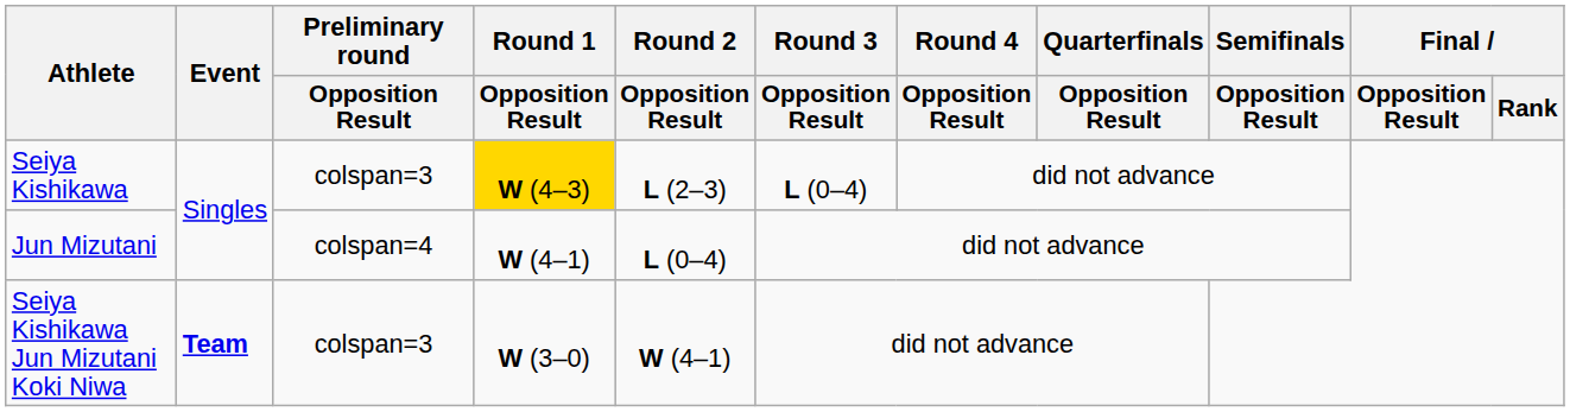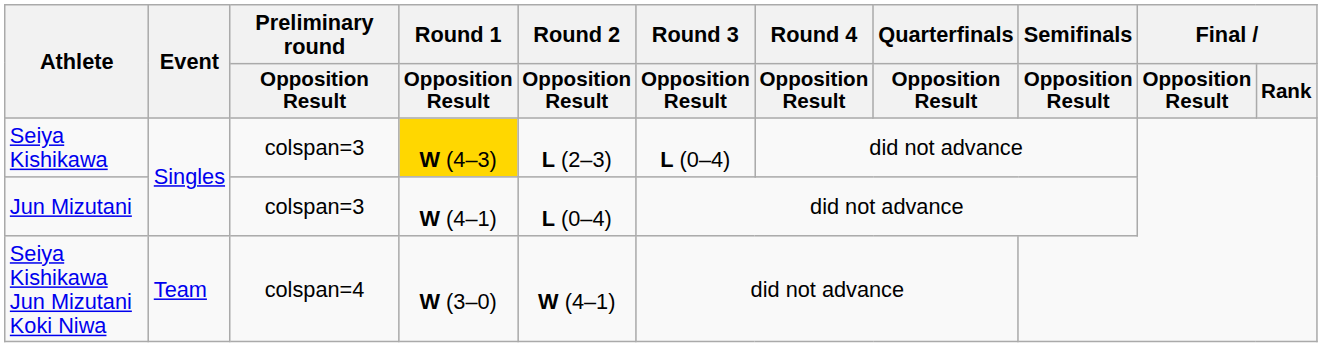 <table class="wikitable" style="font-size:90%">
 <tr>
 <th rowspan="2">Athlete</th>
 <th rowspan="2">Event</th>
 <th>Preliminary round</th>
 <th>Round 1</th>
 <th>Round 2</th>
 <th>Round 3</th>
 <th>Round 4</th>
 <th>Quarterfinals</th>
 <th>Semifinals</th>
 <th colspan=2>Final / </th>
 </tr>
 <tr style="font-size:95%">
 <th>Opposition<br>Result</th>
 <th>Opposition<br>Result</th>
 <th>Opposition<br>Result</th>
 <th>Opposition<br>Result</th>
 <th>Opposition<br>Result</th>
 <th>Opposition<br>Result</th>
 <th>Opposition<br>Result</th>
 <th>Opposition<br>Result</th>
 <th>Rank</th>
 </tr>
 <tr align=center>
 <td align=left><a href='#'>Seiya Kishikawa</a></td>
 <td align=left rowspan=2><a href='#'>Singles</a></td>
 <td>colspan=3 </td>
 <td style="background: gold;"><br><strong>W</strong> (4–3)</td>
 <td><br><strong>L</strong> (2–3)</td>
 <td><br><strong>L</strong> (0–4)</td>
 <td colspan=3>did not advance</td>
 </tr>
 <tr align=center>
 <td align=left><a href='#'>Jun Mizutani</a></td>
-<td>colspan=4 </td>
+<td>colspan=3 </td>
 <td><br><strong>W</strong> (4–1)</td>
 <td><br><strong>L</strong> (0–4)</td>
 <td colspan=4>did not advance</td>
 </tr>
 <tr align=center>
 <td align=left><a href='#'>Seiya Kishikawa</a><br><a href='#'>Jun Mizutani</a><br><a href='#'>Koki Niwa</a></td>
-<td align=left><strong><a href='#'>Team</a></strong></td>
-<td>colspan=3 </td>
+<td align=left><a href='#'>Team</a></td>
+<td>colspan=4 </td>
 <td><br><strong>W</strong> (3–0)</td>
 <td><br><strong>W</strong> (4–1)</td>
 <td colspan=3>did not advance</td>
 </tr>
 </table>
